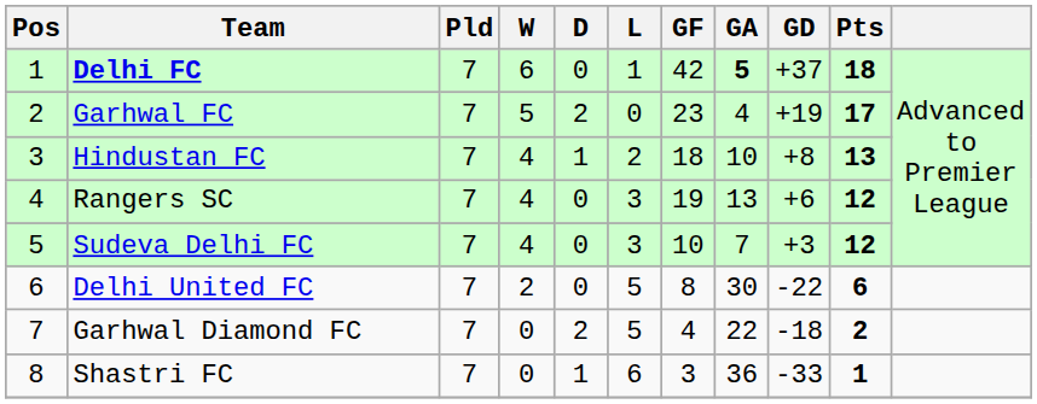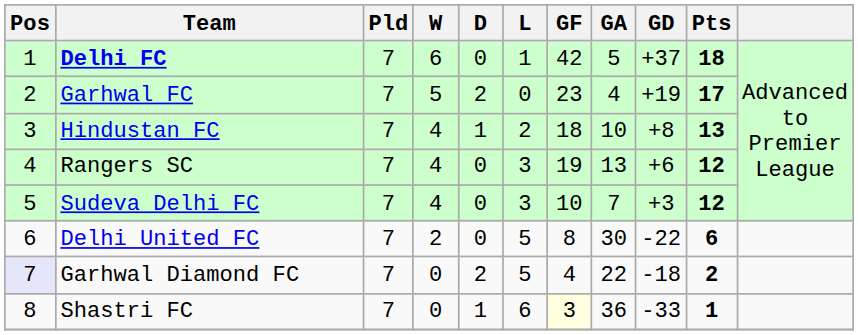 <table class="wikitable" style="text-align: center;">
 <tr>
 <th>Pos</th>
 <th width="175">Team</th>
 <th width="20">Pld</th>
 <th width="20">W</th>
 <th width="20">D</th>
 <th width="20">L</th>
 <th width="20">GF</th>
 <th width="20">GA</th>
 <th width="20">GD</th>
 <th width="20">Pts</th>
 <th width="20"></th>
 </tr>
 <tr bgcolor=#ccffcc>
 <td>1</td>
 <td align="left"><strong><a href='#'>Delhi FC</a></strong></td>
 <td>7</td>
 <td>6</td>
 <td>0</td>
 <td>1</td>
 <td>42</td>
-<td><strong>5</strong></td>
+<td>5</td>
 <td>+37</td>
 <td><strong>18</strong></td>
 <td rowspan="5">Advanced to Premier League</td>
 </tr>
 <tr bgcolor="#ccffcc">
 <td>2</td>
 <td align="left"><a href='#'>Garhwal FC</a></td>
 <td>7</td>
 <td>5</td>
 <td>2</td>
 <td>0</td>
 <td>23</td>
 <td>4</td>
 <td>+19</td>
 <td><strong>17</strong></td>
 </tr>
 <tr bgcolor="#ccffcc">
 <td>3</td>
 <td align="left"><a href='#'>Hindustan FC</a></td>
 <td>7</td>
 <td>4</td>
 <td>1</td>
 <td>2</td>
 <td>18</td>
 <td>10</td>
 <td>+8</td>
 <td><strong>13</strong></td>
 </tr>
 <tr bgcolor=#ccffcc>
 <td>4</td>
 <td align="left">Rangers SC</td>
 <td>7</td>
 <td>4</td>
 <td>0</td>
 <td>3</td>
 <td>19</td>
 <td>13</td>
 <td>+6</td>
 <td><strong>12</strong></td>
 </tr>
 <tr bgcolor=#ccffcc>
 <td>5</td>
 <td align="left"><a href='#'>Sudeva Delhi FC</a></td>
 <td>7</td>
 <td>4</td>
 <td>0</td>
 <td>3</td>
 <td>10</td>
 <td>7</td>
 <td>+3</td>
 <td><strong>12</strong></td>
 </tr>
 <tr>
 <td>6</td>
 <td align="left"><a href='#'>Delhi United FC</a></td>
 <td>7</td>
 <td>2</td>
 <td>0</td>
 <td>5</td>
 <td>8</td>
 <td>30</td>
 <td>-22</td>
 <td><strong>6</strong></td>
 <td></td>
 </tr>
 <tr>
-<td>7</td>
+<td style="background: lavender;">7</td>
 <td align="left">Garhwal Diamond FC</td>
 <td>7</td>
 <td>0</td>
 <td>2</td>
 <td>5</td>
 <td>4</td>
 <td>22</td>
 <td>-18</td>
 <td><strong>2</strong></td>
 <td></td>
 </tr>
 <tr>
 <td>8</td>
 <td align="left">Shastri FC</td>
 <td>7</td>
 <td>0</td>
 <td>1</td>
 <td>6</td>
-<td>3</td>
+<td style="background: lightyellow;">3</td>
 <td>36</td>
 <td>-33</td>
 <td><strong>1</strong></td>
 <td></td>
 </tr>
 <tr>
 </tr>
 </table>
